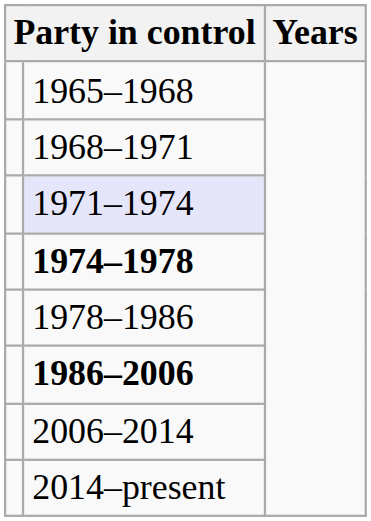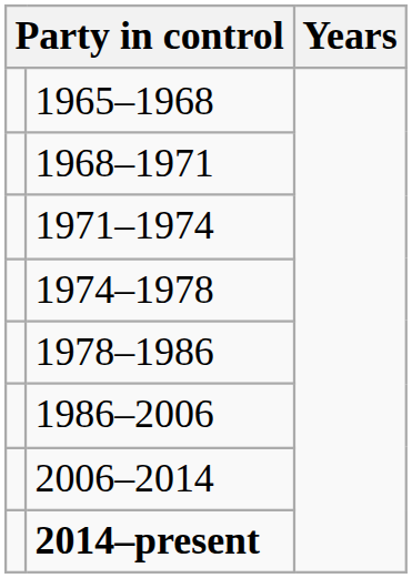 <table class="wikitable">
 <tr>
 <th colspan="2">Party in control</th>
 <th>Years</th>
 </tr>
 <tr>
 <td></td>
 <td>1965–1968</td>
 </tr>
 <tr>
 <td></td>
 <td>1968–1971</td>
 </tr>
 <tr>
 <td></td>
-<td style="background: lavender;">1971–1974</td>
+<td>1971–1974</td>
 </tr>
 <tr>
 <td></td>
-<td><strong>1974–1978</strong></td>
+<td>1974–1978</td>
 </tr>
 <tr>
 <td></td>
 <td>1978–1986</td>
 </tr>
 <tr>
 <td></td>
-<td><strong>1986–2006</strong></td>
+<td>1986–2006</td>
 </tr>
 <tr>
 <td></td>
 <td>2006–2014</td>
 </tr>
 <tr>
 <td></td>
-<td>2014–present</td>
+<td><strong>2014–present</strong></td>
 </tr>
 </table>
